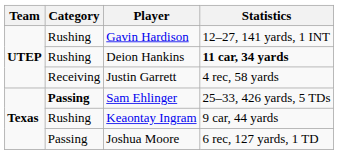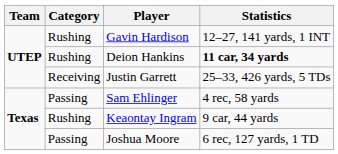 <table class="wikitable" style="float: right;">
 <tr>
 <th>Team</th>
 <th>Category</th>
 <th>Player</th>
 <th>Statistics</th>
 </tr>
 <tr>
 <td rowspan=3><strong>UTEP</strong></td>
 <td>Rushing</td>
 <td><a href='#'>Gavin Hardison</a></td>
 <td>12–27, 141 yards, 1 INT</td>
 </tr>
 <tr>
 <td>Rushing</td>
 <td>Deion Hankins</td>
 <td><strong>11 car, 34 yards</strong></td>
 </tr>
 <tr>
 <td>Receiving</td>
 <td>Justin Garrett</td>
-<td>4 rec, 58 yards</td>
+<td>25–33, 426 yards, 5 TDs</td>
 </tr>
 <tr>
 <td rowspan=3><strong>Texas</strong></td>
-<td><strong>Passing</strong></td>
+<td>Passing</td>
 <td><a href='#'>Sam Ehlinger</a></td>
-<td>25–33, 426 yards, 5 TDs</td>
+<td>4 rec, 58 yards</td>
 </tr>
 <tr>
 <td>Rushing</td>
 <td><a href='#'>Keaontay Ingram</a></td>
 <td>9 car, 44 yards</td>
 </tr>
 <tr>
 <td>Passing</td>
 <td>Joshua Moore</td>
 <td>6 rec, 127 yards, 1 TD</td>
 </tr>
 </table>
